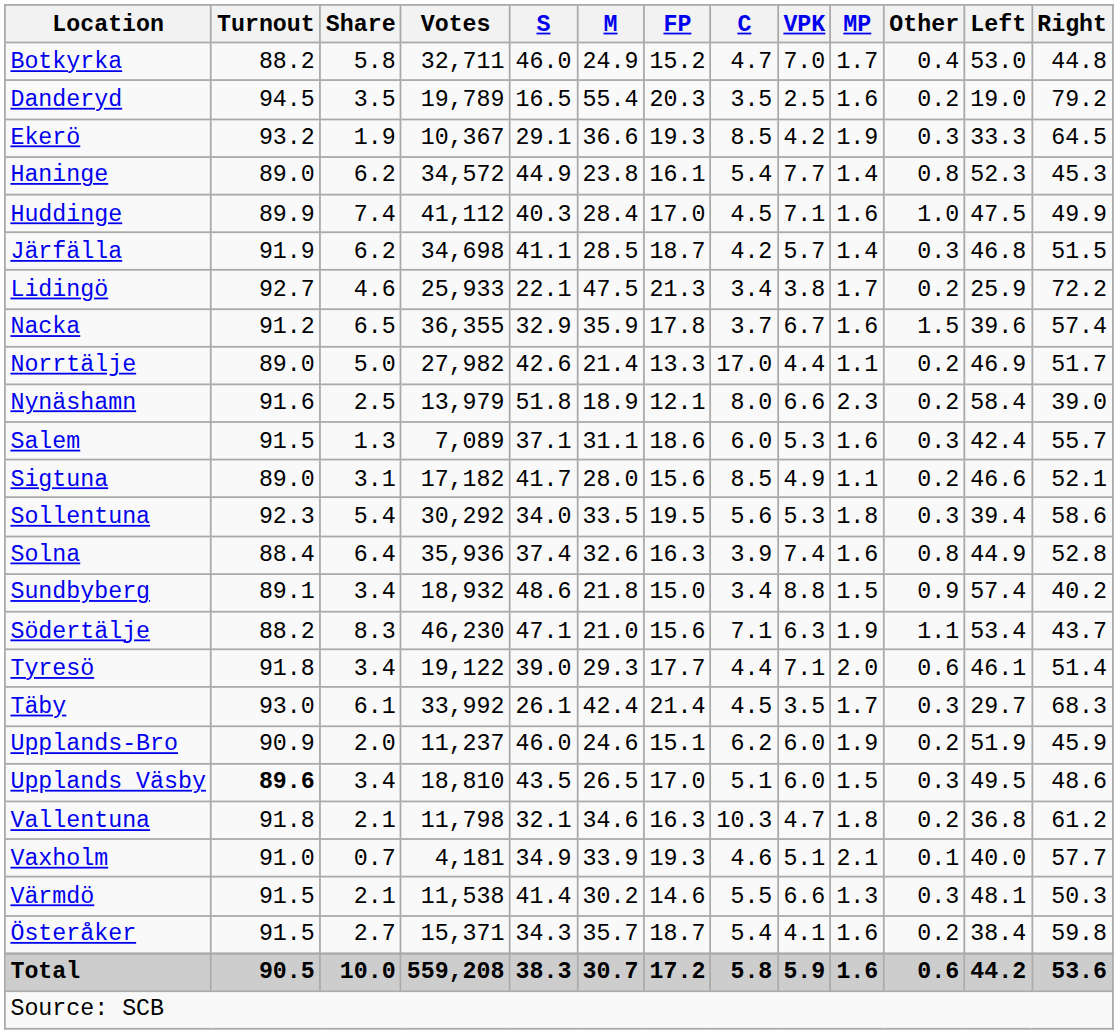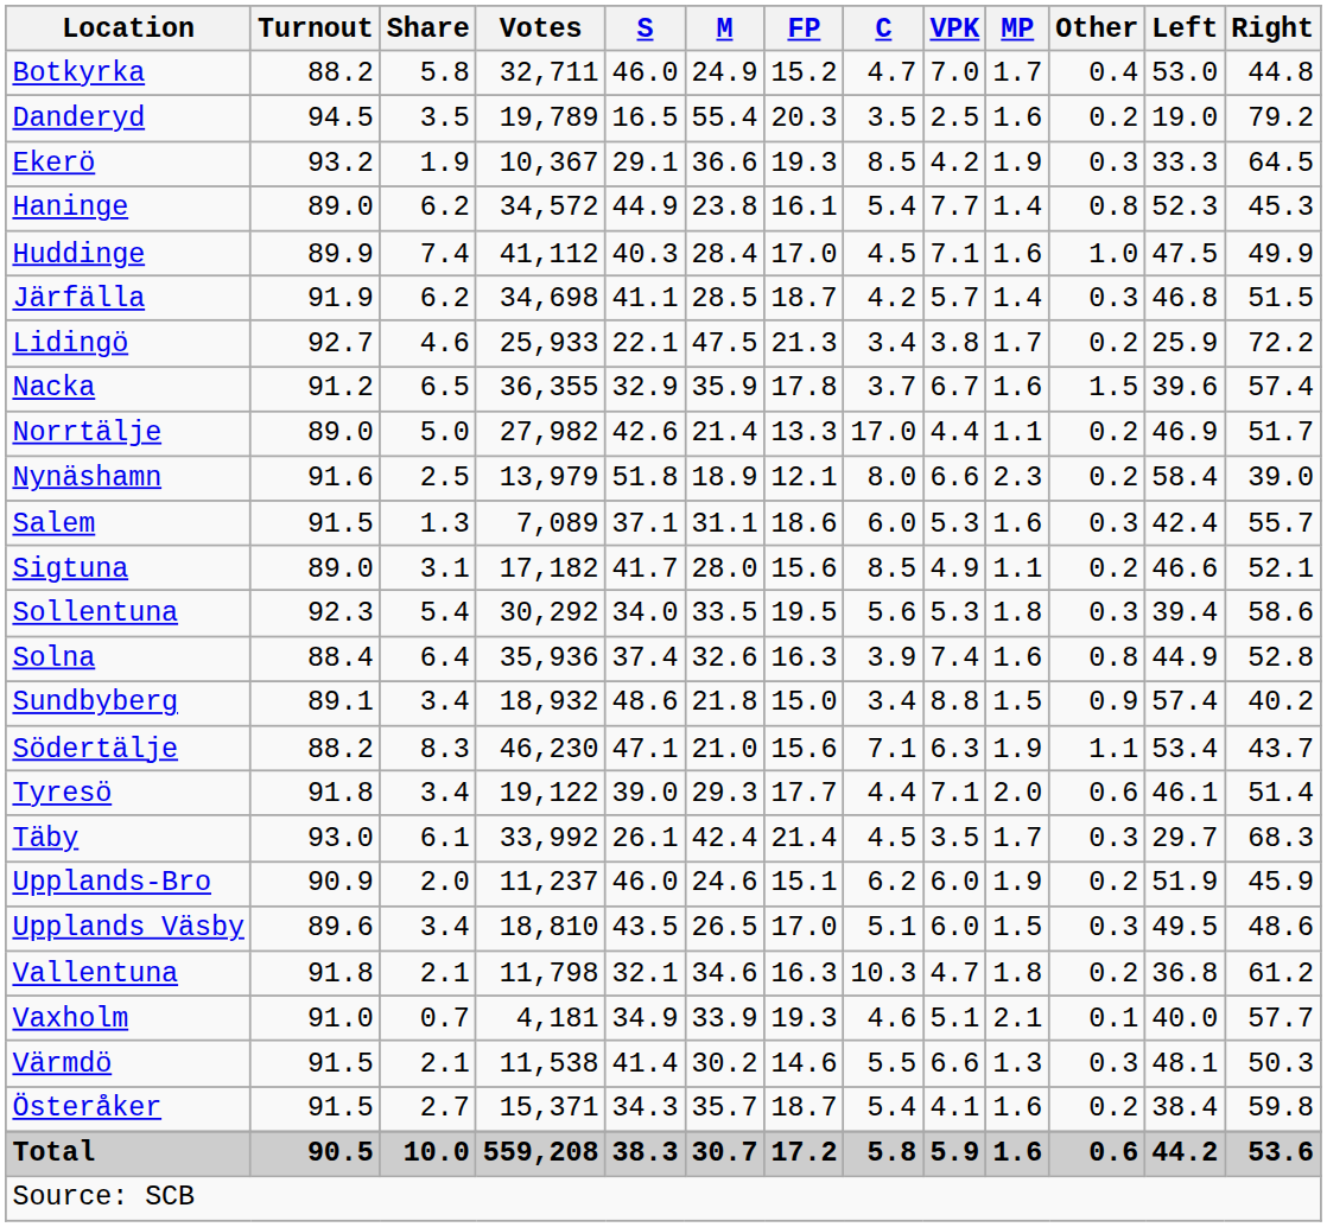 <table class="wikitable sortable" style=text-align:right>
 <tr>
 <th>Location</th>
 <th>Turnout</th>
 <th>Share</th>
 <th>Votes</th>
 <th><a href='#'>S</a></th>
 <th><a href='#'>M</a></th>
 <th><a href='#'>FP</a></th>
 <th><a href='#'>C</a></th>
 <th><a href='#'>VPK</a></th>
 <th><a href='#'>MP</a></th>
 <th>Other</th>
 <th>Left</th>
 <th>Right</th>
 </tr>
 <tr>
 <td align=left><a href='#'>Botkyrka</a></td>
 <td>88.2</td>
 <td>5.8</td>
 <td>32,711</td>
 <td>46.0</td>
 <td>24.9</td>
 <td>15.2</td>
 <td>4.7</td>
 <td>7.0</td>
 <td>1.7</td>
 <td>0.4</td>
 <td>53.0</td>
 <td>44.8</td>
 </tr>
 <tr>
 <td align=left><a href='#'>Danderyd</a></td>
 <td>94.5</td>
 <td>3.5</td>
 <td>19,789</td>
 <td>16.5</td>
 <td>55.4</td>
 <td>20.3</td>
 <td>3.5</td>
 <td>2.5</td>
 <td>1.6</td>
 <td>0.2</td>
 <td>19.0</td>
 <td>79.2</td>
 </tr>
 <tr>
 <td align=left><a href='#'>Ekerö</a></td>
 <td>93.2</td>
 <td>1.9</td>
 <td>10,367</td>
 <td>29.1</td>
 <td>36.6</td>
 <td>19.3</td>
 <td>8.5</td>
 <td>4.2</td>
 <td>1.9</td>
 <td>0.3</td>
 <td>33.3</td>
 <td>64.5</td>
 </tr>
 <tr>
 <td align=left><a href='#'>Haninge</a></td>
 <td>89.0</td>
 <td>6.2</td>
 <td>34,572</td>
 <td>44.9</td>
 <td>23.8</td>
 <td>16.1</td>
 <td>5.4</td>
 <td>7.7</td>
 <td>1.4</td>
 <td>0.8</td>
 <td>52.3</td>
 <td>45.3</td>
 </tr>
 <tr>
 <td align=left><a href='#'>Huddinge</a></td>
 <td>89.9</td>
 <td>7.4</td>
 <td>41,112</td>
 <td>40.3</td>
 <td>28.4</td>
 <td>17.0</td>
 <td>4.5</td>
 <td>7.1</td>
 <td>1.6</td>
 <td>1.0</td>
 <td>47.5</td>
 <td>49.9</td>
 </tr>
 <tr>
 <td align=left><a href='#'>Järfälla</a></td>
 <td>91.9</td>
 <td>6.2</td>
 <td>34,698</td>
 <td>41.1</td>
 <td>28.5</td>
 <td>18.7</td>
 <td>4.2</td>
 <td>5.7</td>
 <td>1.4</td>
 <td>0.3</td>
 <td>46.8</td>
 <td>51.5</td>
 </tr>
 <tr>
 <td align=left><a href='#'>Lidingö</a></td>
 <td>92.7</td>
 <td>4.6</td>
 <td>25,933</td>
 <td>22.1</td>
 <td>47.5</td>
 <td>21.3</td>
 <td>3.4</td>
 <td>3.8</td>
 <td>1.7</td>
 <td>0.2</td>
 <td>25.9</td>
 <td>72.2</td>
 </tr>
 <tr>
 <td align=left><a href='#'>Nacka</a></td>
 <td>91.2</td>
 <td>6.5</td>
 <td>36,355</td>
 <td>32.9</td>
 <td>35.9</td>
 <td>17.8</td>
 <td>3.7</td>
 <td>6.7</td>
 <td>1.6</td>
 <td>1.5</td>
 <td>39.6</td>
 <td>57.4</td>
 </tr>
 <tr>
 <td align=left><a href='#'>Norrtälje</a></td>
 <td>89.0</td>
 <td>5.0</td>
 <td>27,982</td>
 <td>42.6</td>
 <td>21.4</td>
 <td>13.3</td>
 <td>17.0</td>
 <td>4.4</td>
 <td>1.1</td>
 <td>0.2</td>
 <td>46.9</td>
 <td>51.7</td>
 </tr>
 <tr>
 <td align=left><a href='#'>Nynäshamn</a></td>
 <td>91.6</td>
 <td>2.5</td>
 <td>13,979</td>
 <td>51.8</td>
 <td>18.9</td>
 <td>12.1</td>
 <td>8.0</td>
 <td>6.6</td>
 <td>2.3</td>
 <td>0.2</td>
 <td>58.4</td>
 <td>39.0</td>
 </tr>
 <tr>
 <td align=left><a href='#'>Salem</a></td>
 <td>91.5</td>
 <td>1.3</td>
 <td>7,089</td>
 <td>37.1</td>
 <td>31.1</td>
 <td>18.6</td>
 <td>6.0</td>
 <td>5.3</td>
 <td>1.6</td>
 <td>0.3</td>
 <td>42.4</td>
 <td>55.7</td>
 </tr>
 <tr>
 <td align=left><a href='#'>Sigtuna</a></td>
 <td>89.0</td>
 <td>3.1</td>
 <td>17,182</td>
 <td>41.7</td>
 <td>28.0</td>
 <td>15.6</td>
 <td>8.5</td>
 <td>4.9</td>
 <td>1.1</td>
 <td>0.2</td>
 <td>46.6</td>
 <td>52.1</td>
 </tr>
 <tr>
 <td align=left><a href='#'>Sollentuna</a></td>
 <td>92.3</td>
 <td>5.4</td>
 <td>30,292</td>
 <td>34.0</td>
 <td>33.5</td>
 <td>19.5</td>
 <td>5.6</td>
 <td>5.3</td>
 <td>1.8</td>
 <td>0.3</td>
 <td>39.4</td>
 <td>58.6</td>
 </tr>
 <tr>
 <td align=left><a href='#'>Solna</a></td>
 <td>88.4</td>
 <td>6.4</td>
 <td>35,936</td>
 <td>37.4</td>
 <td>32.6</td>
 <td>16.3</td>
 <td>3.9</td>
 <td>7.4</td>
 <td>1.6</td>
 <td>0.8</td>
 <td>44.9</td>
 <td>52.8</td>
 </tr>
 <tr>
 <td align=left><a href='#'>Sundbyberg</a></td>
 <td>89.1</td>
 <td>3.4</td>
 <td>18,932</td>
 <td>48.6</td>
 <td>21.8</td>
 <td>15.0</td>
 <td>3.4</td>
 <td>8.8</td>
 <td>1.5</td>
 <td>0.9</td>
 <td>57.4</td>
 <td>40.2</td>
 </tr>
 <tr>
 <td align=left><a href='#'>Södertälje</a></td>
 <td>88.2</td>
 <td>8.3</td>
 <td>46,230</td>
 <td>47.1</td>
 <td>21.0</td>
 <td>15.6</td>
 <td>7.1</td>
 <td>6.3</td>
 <td>1.9</td>
 <td>1.1</td>
 <td>53.4</td>
 <td>43.7</td>
 </tr>
 <tr>
 <td align=left><a href='#'>Tyresö</a></td>
 <td>91.8</td>
 <td>3.4</td>
 <td>19,122</td>
 <td>39.0</td>
 <td>29.3</td>
 <td>17.7</td>
 <td>4.4</td>
 <td>7.1</td>
 <td>2.0</td>
 <td>0.6</td>
 <td>46.1</td>
 <td>51.4</td>
 </tr>
 <tr>
 <td align=left><a href='#'>Täby</a></td>
 <td>93.0</td>
 <td>6.1</td>
 <td>33,992</td>
 <td>26.1</td>
 <td>42.4</td>
 <td>21.4</td>
 <td>4.5</td>
 <td>3.5</td>
 <td>1.7</td>
 <td>0.3</td>
 <td>29.7</td>
 <td>68.3</td>
 </tr>
 <tr>
 <td align=left><a href='#'>Upplands-Bro</a></td>
 <td>90.9</td>
 <td>2.0</td>
 <td>11,237</td>
 <td>46.0</td>
 <td>24.6</td>
 <td>15.1</td>
 <td>6.2</td>
 <td>6.0</td>
 <td>1.9</td>
 <td>0.2</td>
 <td>51.9</td>
 <td>45.9</td>
 </tr>
 <tr>
 <td align=left><a href='#'>Upplands Väsby</a></td>
-<td><strong>89.6</strong></td>
+<td>89.6</td>
 <td>3.4</td>
 <td>18,810</td>
 <td>43.5</td>
 <td>26.5</td>
 <td>17.0</td>
 <td>5.1</td>
 <td>6.0</td>
 <td>1.5</td>
 <td>0.3</td>
 <td>49.5</td>
 <td>48.6</td>
 </tr>
 <tr>
 <td align=left><a href='#'>Vallentuna</a></td>
 <td>91.8</td>
 <td>2.1</td>
 <td>11,798</td>
 <td>32.1</td>
 <td>34.6</td>
 <td>16.3</td>
 <td>10.3</td>
 <td>4.7</td>
 <td>1.8</td>
 <td>0.2</td>
 <td>36.8</td>
 <td>61.2</td>
 </tr>
 <tr>
 <td align=left><a href='#'>Vaxholm</a></td>
 <td>91.0</td>
 <td>0.7</td>
 <td>4,181</td>
 <td>34.9</td>
 <td>33.9</td>
 <td>19.3</td>
 <td>4.6</td>
 <td>5.1</td>
 <td>2.1</td>
 <td>0.1</td>
 <td>40.0</td>
 <td>57.7</td>
 </tr>
 <tr>
 <td align=left><a href='#'>Värmdö</a></td>
 <td>91.5</td>
 <td>2.1</td>
 <td>11,538</td>
 <td>41.4</td>
 <td>30.2</td>
 <td>14.6</td>
 <td>5.5</td>
 <td>6.6</td>
 <td>1.3</td>
 <td>0.3</td>
 <td>48.1</td>
 <td>50.3</td>
 </tr>
 <tr>
 <td align=left><a href='#'>Österåker</a></td>
 <td>91.5</td>
 <td>2.7</td>
 <td>15,371</td>
 <td>34.3</td>
 <td>35.7</td>
 <td>18.7</td>
 <td>5.4</td>
 <td>4.1</td>
 <td>1.6</td>
 <td>0.2</td>
 <td>38.4</td>
 <td>59.8</td>
 </tr>
 <tr>
 </tr>
 <tr style="background:#CDCDCD;">
 <td align=left><strong>Total</strong></td>
 <td><strong>90.5</strong></td>
 <td><strong>10.0</strong></td>
 <td><strong>559,208</strong></td>
 <td><strong>38.3</strong></td>
 <td><strong>30.7</strong></td>
 <td><strong>17.2</strong></td>
 <td><strong>5.8</strong></td>
 <td><strong>5.9</strong></td>
 <td><strong>1.6</strong></td>
 <td><strong>0.6</strong></td>
 <td><strong>44.2</strong></td>
 <td><strong>53.6</strong></td>
 </tr>
 <tr>
 <td align=left colspan=13>Source: SCB </td>
 </tr>
 </table>
